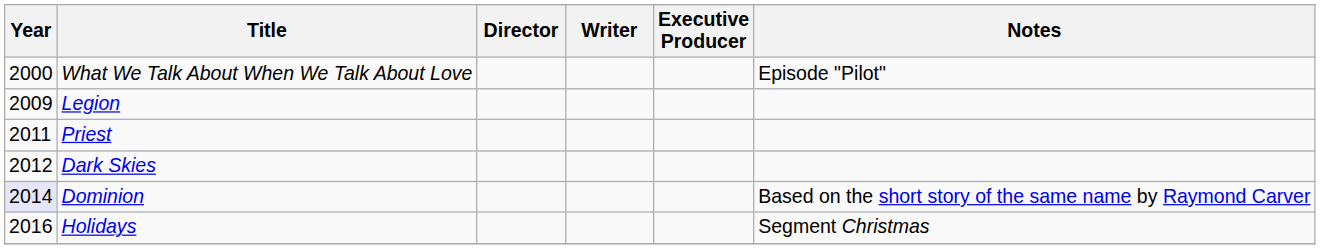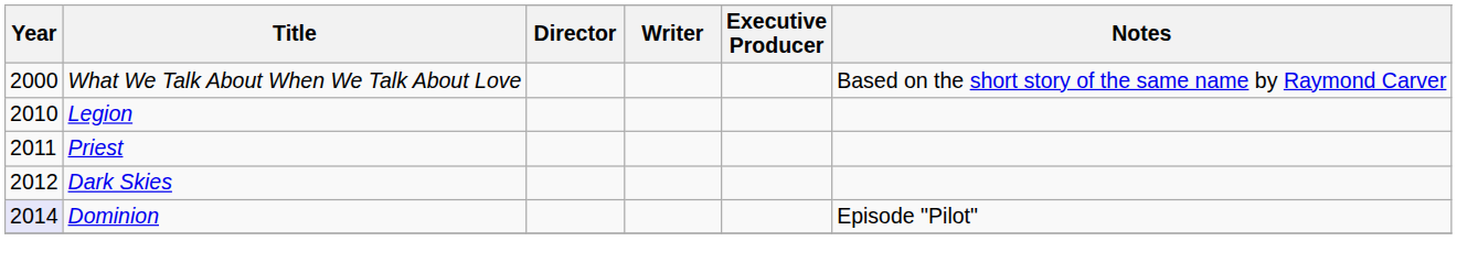 <table class="wikitable">
 <tr>
 <th rowspan=2 style="width 33:px;">Year</th>
 <th rowspan=2>Title</th>
 </tr>
 <tr>
 <th width=65>Director</th>
 <th width=65>Writer</th>
 <th width=65>Executive<br>Producer</th>
 <th>Notes</th>
 </tr>
 <tr>
 <td>2000</td>
 <td><em>What We Talk About When We Talk About Love</em></td>
 <td></td>
 <td></td>
 <td></td>
-<td>Episode "Pilot"</td>
+<td>Based on the <a href='#'>short story of the same name</a> by <a href='#'>Raymond Carver</a></td>
 </tr>
 <tr>
-<td>2009</td>
+<td>2010</td>
 <td><em><a href='#'>Legion</a></em></td>
 <td></td>
 <td></td>
 <td></td>
 <td></td>
 </tr>
 <tr>
 <td>2011</td>
 <td><em><a href='#'>Priest</a></em></td>
 <td></td>
 <td></td>
 <td></td>
 <td></td>
 </tr>
 <tr>
 <td>2012</td>
 <td><em><a href='#'>Dark Skies</a></em></td>
 <td></td>
 <td></td>
 <td></td>
 <td></td>
 </tr>
 <tr>
 <td style="background: lavender;">2014</td>
 <td><em><a href='#'>Dominion</a></em></td>
 <td></td>
 <td></td>
 <td></td>
-<td>Based on the <a href='#'>short story of the same name</a> by <a href='#'>Raymond Carver</a></td>
-</tr>
-<tr>
-<td>2016</td>
-<td><em><a href='#'>Holidays</a></em></td>
-<td></td>
-<td></td>
-<td></td>
-<td>Segment <em>Christmas</em></td>
+<td>Episode "Pilot"</td>
 </tr>
 <tr>
 </tr>
 </table>
